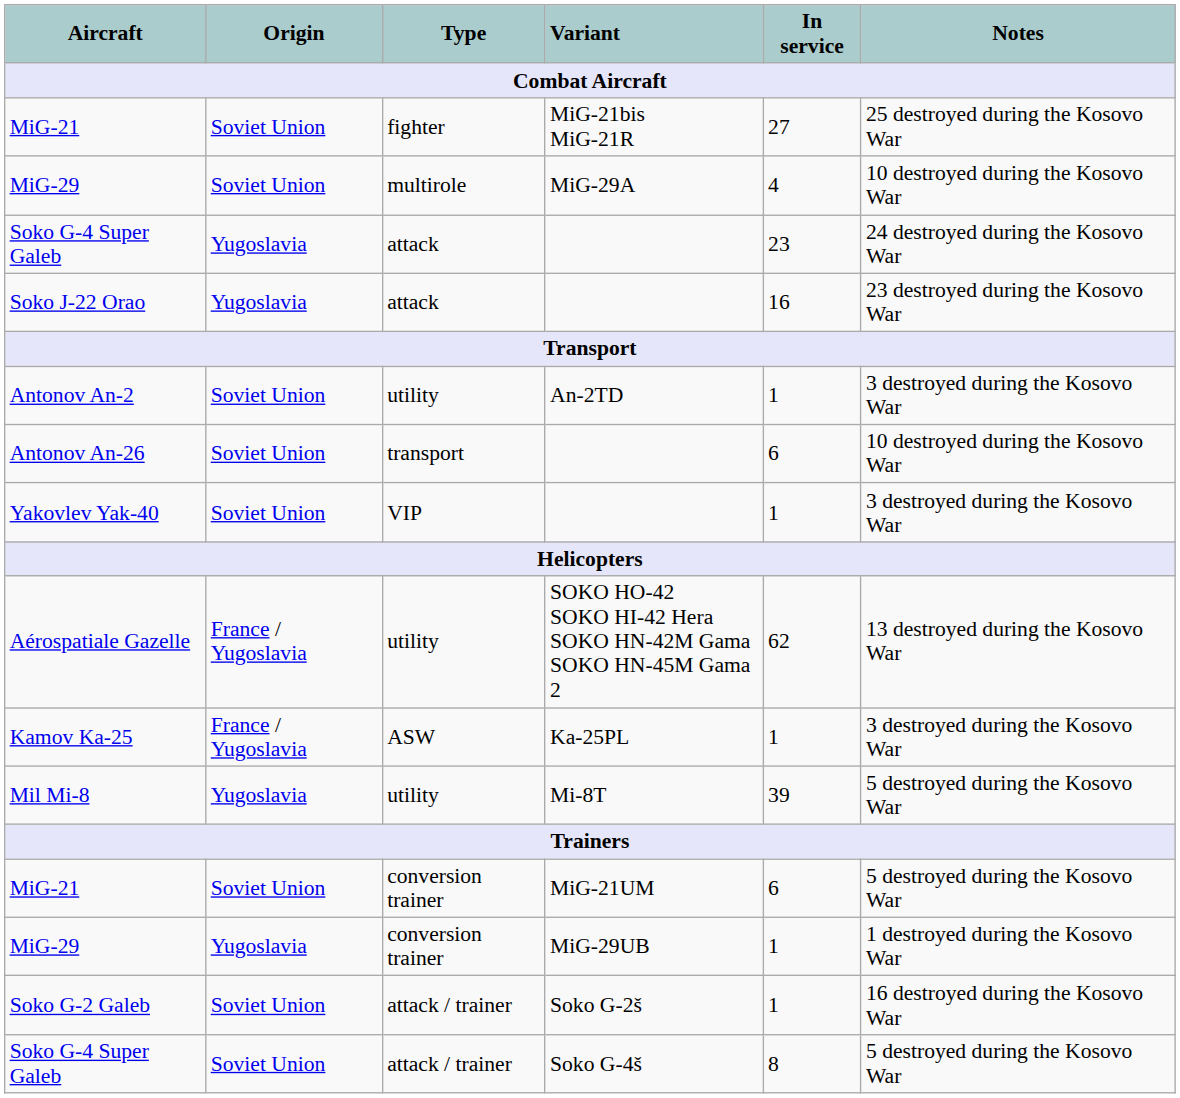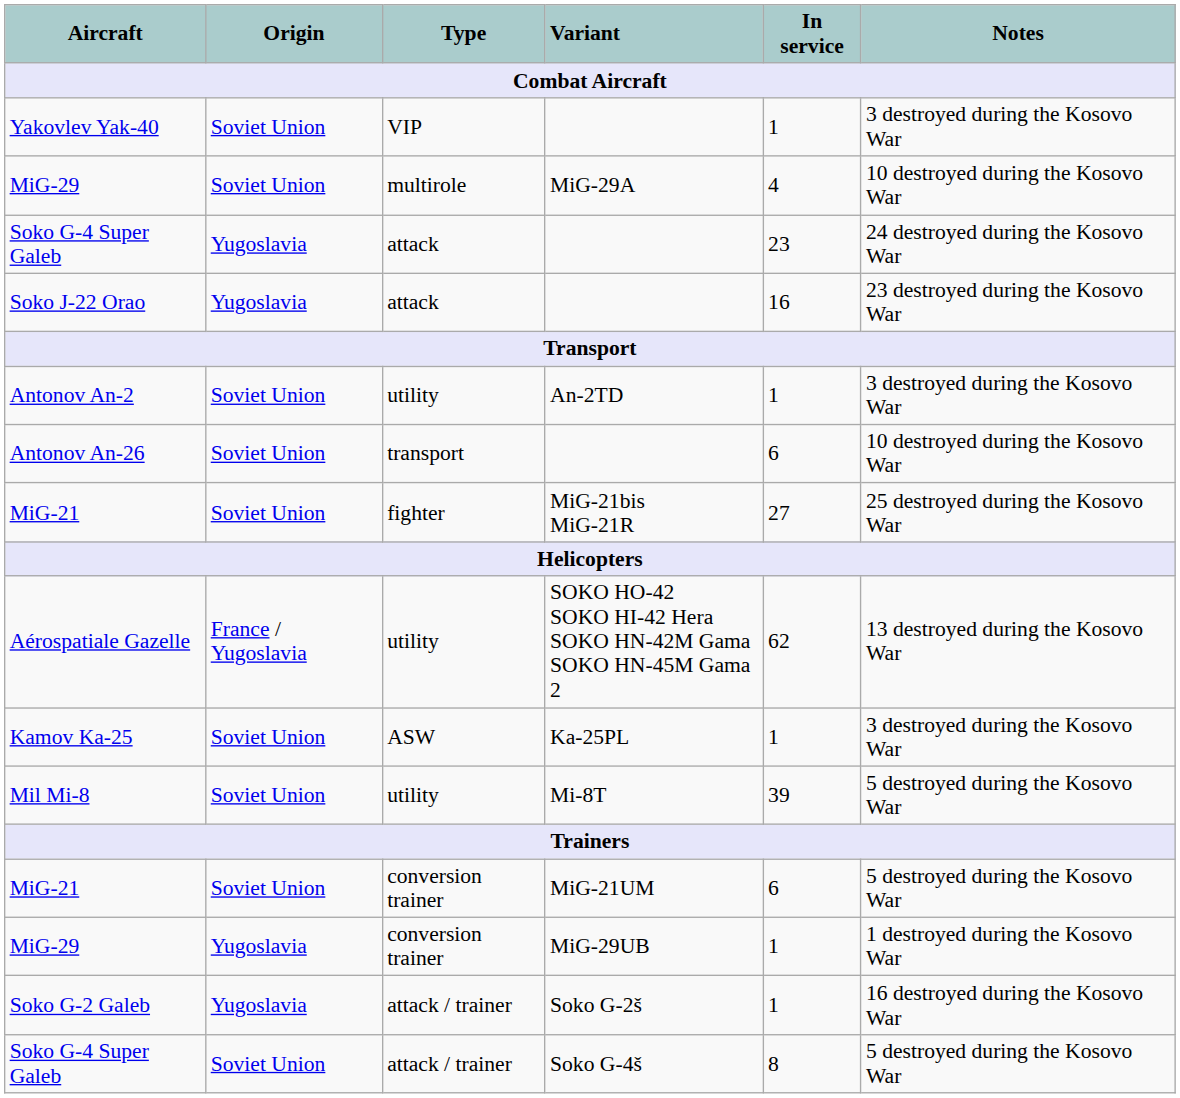 <table class="wikitable">
 <tr>
 <th style="text-align:center; background:#acc;">Aircraft</th>
 <th style="text-align: center; background:#acc;">Origin</th>
 <th style="text-align:l center; background:#acc;">Type</th>
 <th style="text-align:left; background:#acc;">Variant</th>
 <th style="text-align:center; background:#acc;">In service</th>
 <th style="text-align: center; background:#acc;">Notes</th>
 </tr>
 <tr>
 <th colspan="6" style="align: center; background: lavender;">Combat Aircraft</th>
 </tr>
 <tr>
-<td><a href='#'>MiG-21</a></td>
+<td><a href='#'>Yakovlev Yak-40</a></td>
 <td><a href='#'>Soviet Union</a></td>
-<td>fighter</td>
-<td>MiG-21bis<br>MiG-21R</td>
-<td>27</td>
-<td>25 destroyed during the Kosovo War</td>
+<td>VIP</td>
+<td></td>
+<td>1</td>
+<td>3 destroyed during the Kosovo War</td>
 </tr>
 <tr>
 <td><a href='#'>MiG-29</a></td>
 <td><a href='#'>Soviet Union</a></td>
 <td>multirole</td>
 <td>MiG-29A</td>
 <td>4</td>
 <td>10 destroyed during the Kosovo War</td>
 </tr>
 <tr>
 <td><a href='#'>Soko G-4 Super Galeb</a></td>
 <td><a href='#'>Yugoslavia</a></td>
 <td>attack</td>
 <td></td>
 <td>23</td>
 <td>24 destroyed during the Kosovo War</td>
 </tr>
 <tr>
 <td><a href='#'>Soko J-22 Orao</a></td>
 <td><a href='#'>Yugoslavia</a></td>
 <td>attack</td>
 <td></td>
 <td>16</td>
 <td>23 destroyed during the Kosovo War</td>
 </tr>
 <tr>
 <th colspan="6" style="align: center; background: lavender;">Transport</th>
 </tr>
 <tr>
 <td><a href='#'>Antonov An-2</a></td>
 <td><a href='#'>Soviet Union</a></td>
 <td>utility</td>
 <td>An-2TD</td>
 <td>1</td>
 <td>3 destroyed during the Kosovo War</td>
 </tr>
 <tr>
 <td><a href='#'>Antonov An-26</a></td>
 <td><a href='#'>Soviet Union</a></td>
 <td>transport</td>
 <td></td>
 <td>6</td>
 <td>10 destroyed during the Kosovo War</td>
 </tr>
 <tr>
-<td><a href='#'>Yakovlev Yak-40</a></td>
+<td><a href='#'>MiG-21</a></td>
 <td><a href='#'>Soviet Union</a></td>
-<td>VIP</td>
-<td></td>
-<td>1</td>
-<td>3 destroyed during the Kosovo War</td>
+<td>fighter</td>
+<td>MiG-21bis<br>MiG-21R</td>
+<td>27</td>
+<td>25 destroyed during the Kosovo War</td>
 </tr>
 <tr>
 <th colspan="6" style="align: center; background: lavender;">Helicopters</th>
 </tr>
 <tr>
 <td><a href='#'>Aérospatiale Gazelle</a></td>
 <td><a href='#'>France</a> / <a href='#'>Yugoslavia</a></td>
 <td>utility</td>
 <td>SOKO HO-42<br>SOKO HI-42 Hera<br>SOKO HN-42M Gama<br>SOKO HN-45M Gama 2</td>
 <td>62</td>
 <td>13 destroyed during the Kosovo War</td>
 </tr>
 <tr>
 <td><a href='#'>Kamov Ka-25</a></td>
-<td><a href='#'>France</a> / <a href='#'>Yugoslavia</a></td>
+<td><a href='#'>Soviet Union</a></td>
 <td>ASW</td>
 <td>Ka-25PL</td>
 <td>1</td>
 <td>3 destroyed during the Kosovo War</td>
 </tr>
 <tr>
 <td><a href='#'>Mil Mi-8</a></td>
-<td><a href='#'>Yugoslavia</a></td>
+<td><a href='#'>Soviet Union</a></td>
 <td>utility</td>
 <td>Mi-8T</td>
 <td>39</td>
 <td>5 destroyed during the Kosovo War</td>
 </tr>
 <tr>
 <th colspan="6" style="align: center; background: lavender;">Trainers</th>
 </tr>
 <tr>
 <td><a href='#'>MiG-21</a></td>
 <td><a href='#'>Soviet Union</a></td>
 <td>conversion trainer</td>
 <td>MiG-21UM</td>
 <td>6</td>
 <td>5 destroyed during the Kosovo War</td>
 </tr>
 <tr>
 <td><a href='#'>MiG-29</a></td>
 <td><a href='#'>Yugoslavia</a></td>
 <td>conversion trainer</td>
 <td>MiG-29UB</td>
 <td>1</td>
 <td>1 destroyed during the Kosovo War</td>
 </tr>
 <tr>
 <td><a href='#'>Soko G-2 Galeb</a></td>
-<td><a href='#'>Soviet Union</a></td>
+<td><a href='#'>Yugoslavia</a></td>
 <td>attack / trainer</td>
 <td>Soko G-2š</td>
 <td>1</td>
 <td>16 destroyed during the Kosovo War</td>
 </tr>
 <tr>
 <td><a href='#'>Soko G-4 Super Galeb</a></td>
 <td><a href='#'>Soviet Union</a></td>
 <td>attack / trainer</td>
 <td>Soko G-4š</td>
 <td>8</td>
 <td>5 destroyed during the Kosovo War</td>
 </tr>
 </table>
